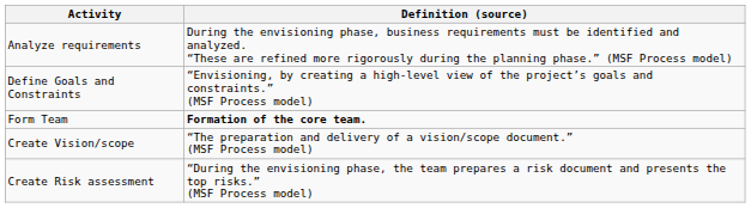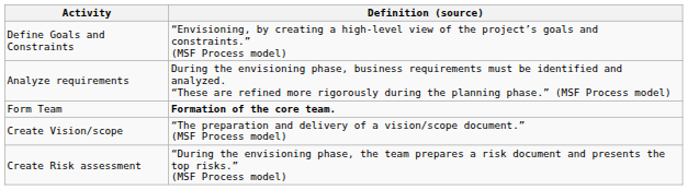 <table class="wikitable">
 <tr>
 <th>Activity</th>
 <th>Definition (source)</th>
 </tr>
 <tr>
+<td>Define Goals and Constraints</td>
+<td>“Envisioning, by creating a high-level view of the project’s goals and constraints.”<br>(MSF Process model)</td>
+</tr>
+<tr>
 <td>Analyze requirements</td>
 <td>During the envisioning phase, business requirements must be identified and analyzed.<br>“These are refined more rigorously during the planning phase.” (MSF Process model)</td>
-</tr>
-<tr>
-<td>Define Goals and Constraints</td>
-<td>“Envisioning, by creating a high-level view of the project’s goals and constraints.”<br>(MSF Process model)</td>
 </tr>
 <tr>
 <td>Form Team</td>
 <td><strong>Formation of the core team.</strong></td>
 </tr>
 <tr>
 <td>Create Vision/scope</td>
 <td>“The preparation and delivery of a vision/scope document.”<br>(MSF Process model)</td>
 </tr>
 <tr>
 <td>Create Risk assessment</td>
 <td>“During the envisioning phase, the team prepares a risk document and presents the top risks.”<br>(MSF Process model)</td>
 </tr>
 </table>
